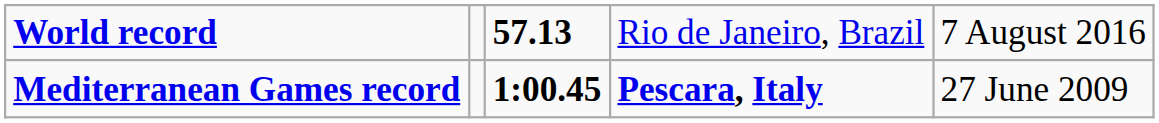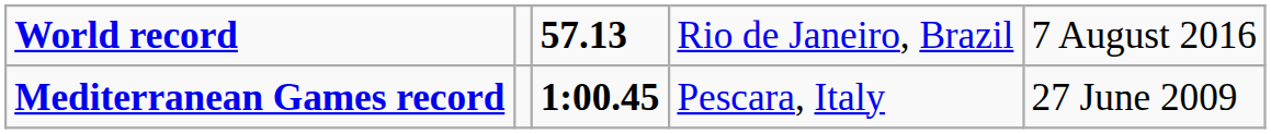 <table class="wikitable">
 <tr>
 <td><strong><a href='#'>World record</a></strong></td>
 <td></td>
 <td><strong>57.13</strong></td>
 <td><a href='#'>Rio de Janeiro</a>, <a href='#'>Brazil</a></td>
 <td>7 August 2016</td>
 </tr>
 <tr>
 <td><strong><a href='#'>Mediterranean Games record</a></strong></td>
 <td></td>
 <td><strong>1:00.45</strong></td>
-<td><strong><a href='#'>Pescara</a>, <a href='#'>Italy</a></strong></td>
+<td><a href='#'>Pescara</a>, <a href='#'>Italy</a></td>
 <td>27 June 2009</td>
 </tr>
 </table>
